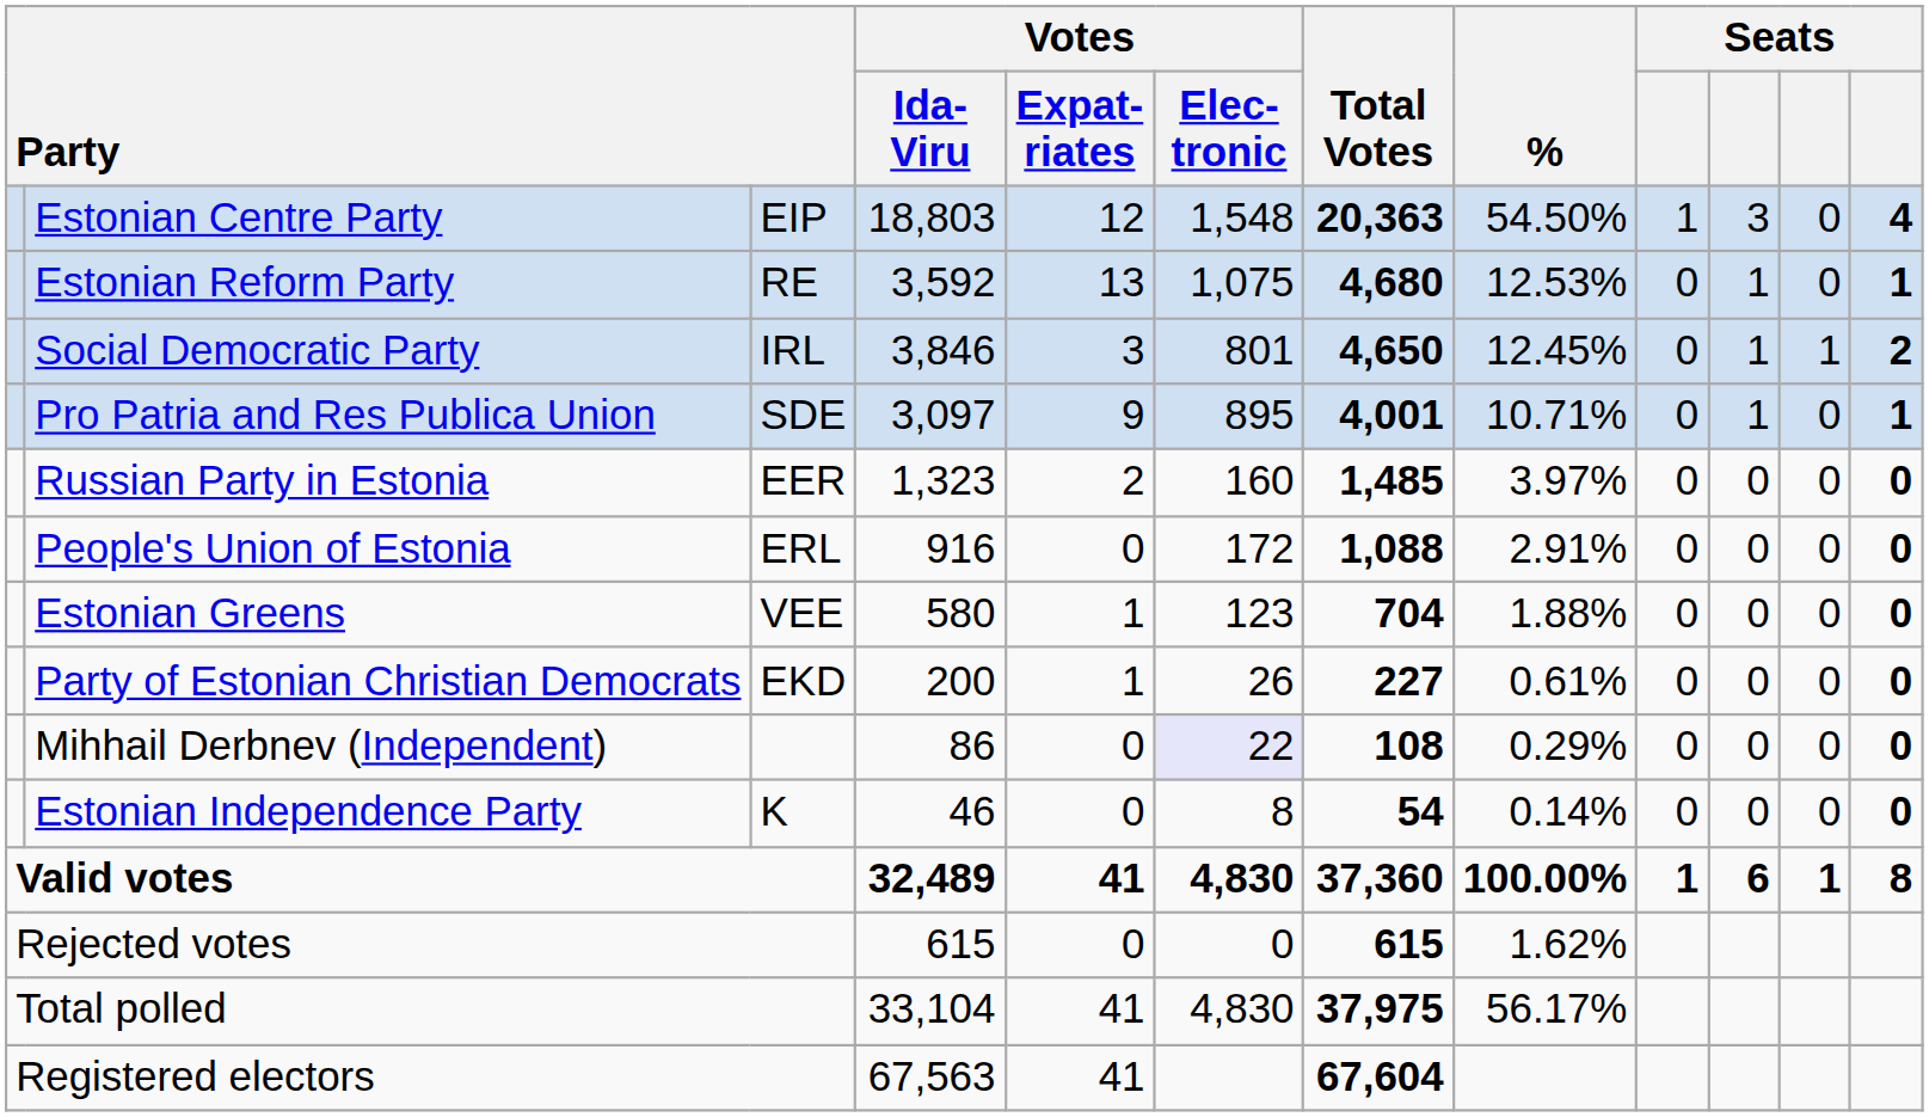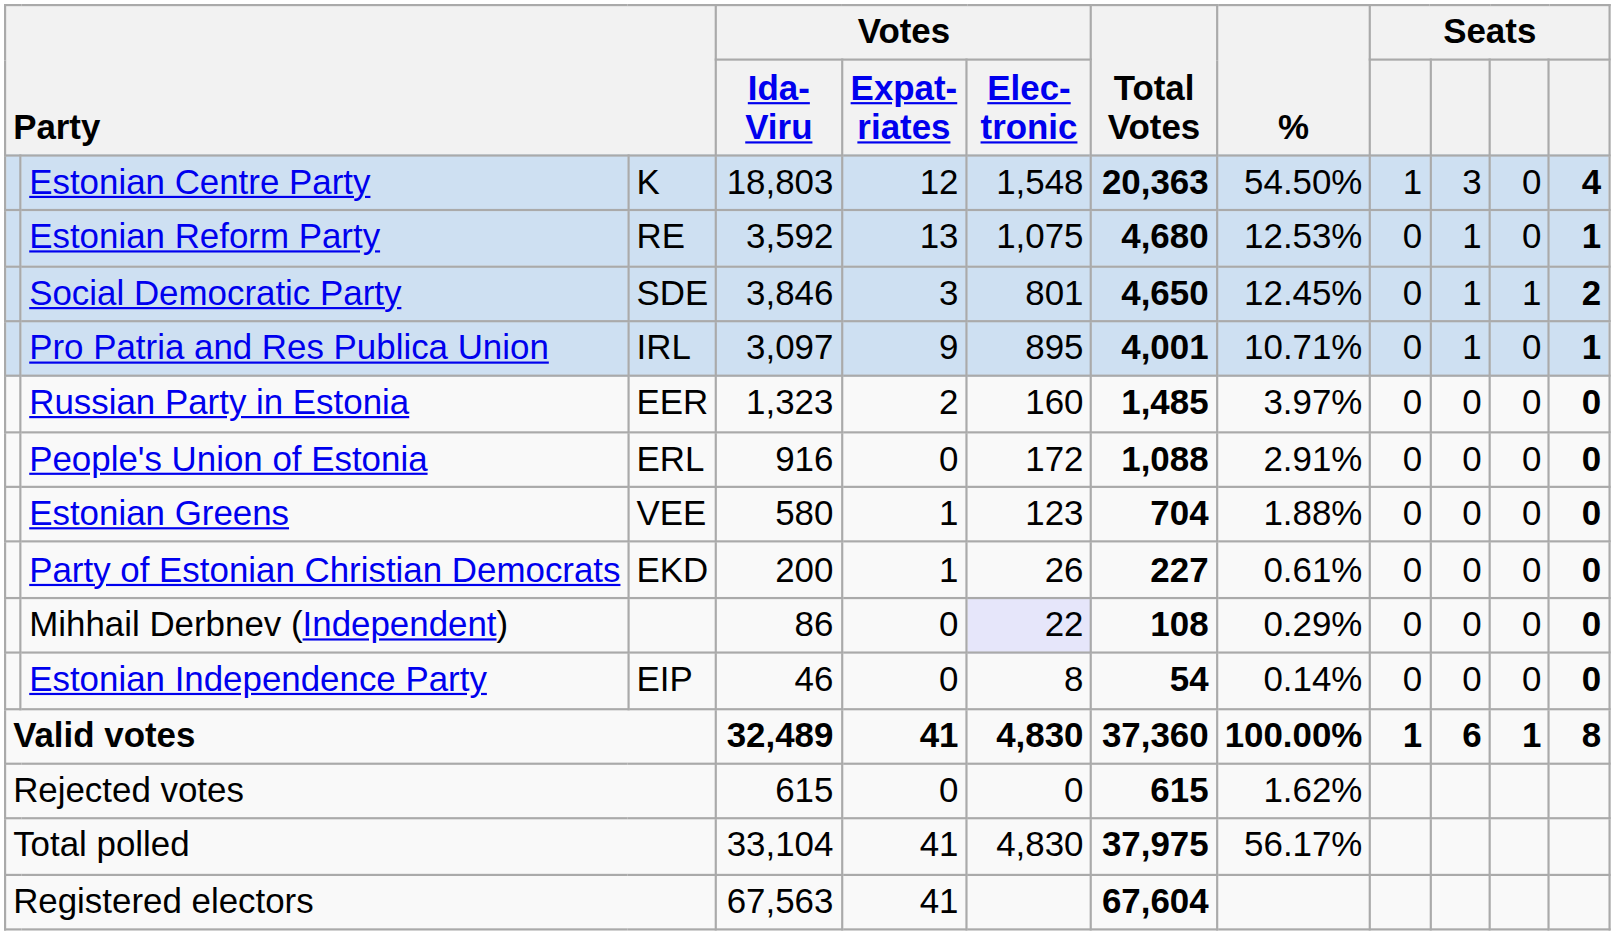 <table class="wikitable" border="1" style="text-align:right;">
 <tr>
 <th style="text-align:left;" valign=bottom rowspan=2 colspan=3>Party</th>
 <th colspan=3>Votes</th>
 <th align=center valign=bottom rowspan=2 width="50">Total Votes</th>
 <th align=center valign=bottom rowspan=2 width="50">%</th>
 <th colspan=4>Seats</th>
 </tr>
 <tr>
 <th align=center valign=bottom width="50"><a href='#'>Ida- Viru</a></th>
 <th align=center valign=bottom width="50"><a href='#'>Expat- riates</a></th>
 <th align=center valign=bottom width="50"><a href='#'>Elec- tronic</a></th>
 <th align=center valign=bottom width="20"><small></small></th>
 <th align=center valign=bottom width="20"><small></small></th>
 <th align=center valign=bottom width="20"><small></small></th>
 <th align=center valign=bottom width="20"><small></small></th>
 </tr>
 <tr style="background:#CEE0F2;">
 <td style="background:"></td>
 <td align=left><a href='#'>Estonian Centre Party</a></td>
-<td align=left>EIP</td>
+<td align=left>K</td>
 <td>18,803</td>
 <td>12</td>
 <td>1,548</td>
 <td><strong>20,363</strong></td>
 <td>54.50%</td>
 <td>1</td>
 <td>3</td>
 <td>0</td>
 <td><strong>4</strong></td>
 </tr>
 <tr style="background:#CEE0F2;">
 <td style="background:"></td>
 <td align=left><a href='#'>Estonian Reform Party</a></td>
 <td align=left>RE</td>
 <td>3,592</td>
 <td>13</td>
 <td>1,075</td>
 <td><strong>4,680</strong></td>
 <td>12.53%</td>
 <td>0</td>
 <td>1</td>
 <td>0</td>
 <td><strong>1</strong></td>
 </tr>
 <tr style="background:#CEE0F2;">
 <td style="background:"></td>
 <td align=left><a href='#'>Social Democratic Party</a></td>
-<td align=left>IRL</td>
+<td align=left>SDE</td>
 <td>3,846</td>
 <td>3</td>
 <td>801</td>
 <td><strong>4,650</strong></td>
 <td>12.45%</td>
 <td>0</td>
 <td>1</td>
 <td>1</td>
 <td><strong>2</strong></td>
 </tr>
 <tr style="background:#CEE0F2;">
 <td style="background:"></td>
 <td align=left><a href='#'>Pro Patria and Res Publica Union</a></td>
-<td align=left>SDE</td>
+<td align=left>IRL</td>
 <td>3,097</td>
 <td>9</td>
 <td>895</td>
 <td><strong>4,001</strong></td>
 <td>10.71%</td>
 <td>0</td>
 <td>1</td>
 <td>0</td>
 <td><strong>1</strong></td>
 </tr>
 <tr>
 <td></td>
 <td align=left><a href='#'>Russian Party in Estonia</a></td>
 <td align=left>EER</td>
 <td>1,323</td>
 <td>2</td>
 <td>160</td>
 <td><strong>1,485</strong></td>
 <td>3.97%</td>
 <td>0</td>
 <td>0</td>
 <td>0</td>
 <td><strong>0</strong></td>
 </tr>
 <tr>
 <td style="background:"></td>
 <td align=left><a href='#'>People's Union of Estonia</a></td>
 <td align=left>ERL</td>
 <td>916</td>
 <td>0</td>
 <td>172</td>
 <td><strong>1,088</strong></td>
 <td>2.91%</td>
 <td>0</td>
 <td>0</td>
 <td>0</td>
 <td><strong>0</strong></td>
 </tr>
 <tr>
 <td style="background:"></td>
 <td align=left><a href='#'>Estonian Greens</a></td>
 <td align=left>VEE</td>
 <td>580</td>
 <td>1</td>
 <td>123</td>
 <td><strong>704</strong></td>
 <td>1.88%</td>
 <td>0</td>
 <td>0</td>
 <td>0</td>
 <td><strong>0</strong></td>
 </tr>
 <tr>
 <td style="background:"></td>
 <td align=left><a href='#'>Party of Estonian Christian Democrats</a></td>
 <td align=left>EKD</td>
 <td>200</td>
 <td>1</td>
 <td>26</td>
 <td><strong>227</strong></td>
 <td>0.61%</td>
 <td>0</td>
 <td>0</td>
 <td>0</td>
 <td><strong>0</strong></td>
 </tr>
 <tr>
 <td style="background:"></td>
 <td align=left>Mihhail Derbnev (<a href='#'>Independent</a>)</td>
 <td></td>
 <td>86</td>
 <td>0</td>
 <td style="background: lavender;">22</td>
 <td><strong>108</strong></td>
 <td>0.29%</td>
 <td>0</td>
 <td>0</td>
 <td>0</td>
 <td><strong>0</strong></td>
 </tr>
 <tr>
 <td style="background:"></td>
 <td align=left><a href='#'>Estonian Independence Party</a></td>
-<td align=left>K</td>
+<td align=left>EIP</td>
 <td>46</td>
 <td>0</td>
 <td>8</td>
 <td><strong>54</strong></td>
 <td>0.14%</td>
 <td>0</td>
 <td>0</td>
 <td>0</td>
 <td><strong>0</strong></td>
 </tr>
 <tr style="font-weight:bold">
 <td align=left colspan=3>Valid votes</td>
 <td>32,489</td>
 <td>41</td>
 <td>4,830</td>
 <td>37,360</td>
 <td>100.00%</td>
 <td>1</td>
 <td>6</td>
 <td>1</td>
 <td>8</td>
 </tr>
 <tr>
 <td align=left colspan=3>Rejected votes</td>
 <td>615</td>
 <td>0</td>
 <td>0</td>
 <td><strong>615</strong></td>
 <td>1.62%</td>
 <td></td>
 <td></td>
 <td></td>
 <td></td>
 </tr>
 <tr>
 <td align=left colspan=3>Total polled</td>
 <td>33,104</td>
 <td>41</td>
 <td>4,830</td>
 <td><strong>37,975</strong></td>
 <td>56.17%</td>
 <td></td>
 <td></td>
 <td></td>
 <td></td>
 </tr>
 <tr>
 <td align=left colspan=3>Registered electors</td>
 <td>67,563</td>
 <td>41</td>
 <td></td>
 <td><strong>67,604</strong></td>
 <td></td>
 <td></td>
 <td></td>
 <td></td>
 <td></td>
 </tr>
 </table>
